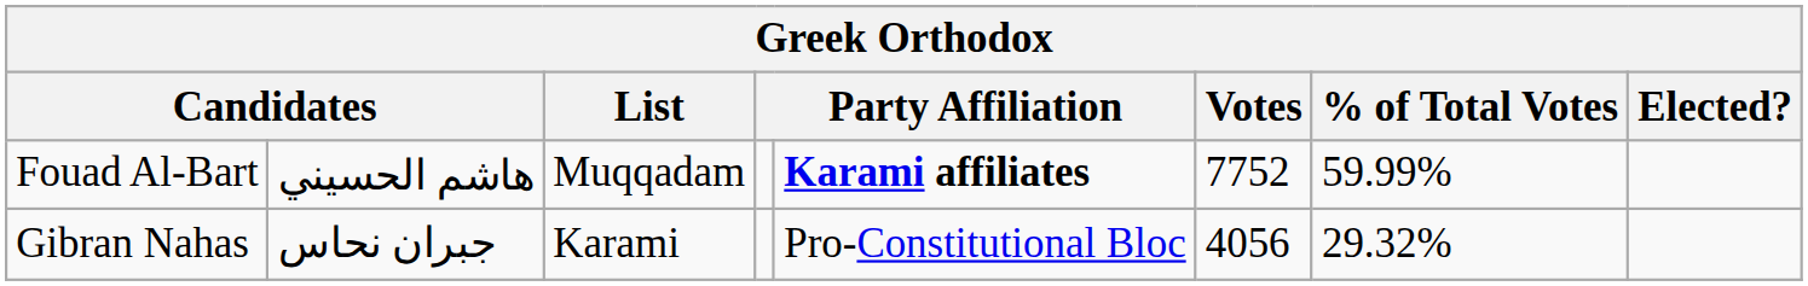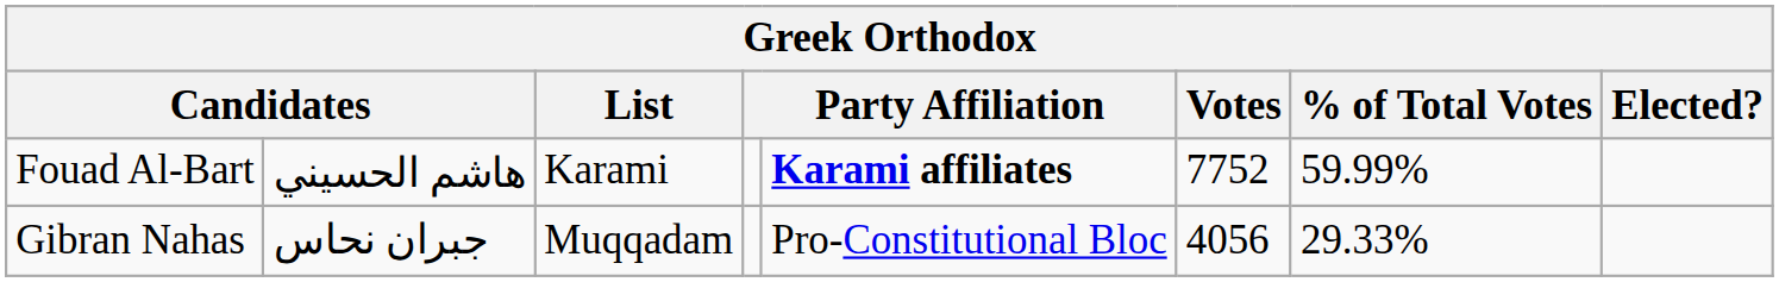 <table class="wikitable sortable">
 <tr>
 <th colspan="8">Greek Orthodox</th>
 </tr>
 <tr>
 <th colspan="2">Candidates</th>
 <th>List</th>
 <th colspan="2">Party Affiliation</th>
 <th>Votes</th>
 <th>% of Total Votes</th>
 <th>Elected?</th>
 </tr>
 <tr>
 <td>Fouad Al-Bart</td>
 <td>هاشم الحسيني</td>
-<td>Muqqadam</td>
+<td>Karami</td>
 <td style="background: "></td>
 <td><strong><a href='#'>Karami</a> affiliates</strong></td>
 <td>7752</td>
 <td>59.99%</td>
 <td></td>
 </tr>
 <tr>
 <td>Gibran Nahas</td>
 <td>جبران نحاس</td>
-<td>Karami</td>
+<td>Muqqadam</td>
 <td style="background: "></td>
 <td>Pro-<a href='#'>Constitutional Bloc</a></td>
 <td>4056</td>
-<td>29.32%</td>
+<td>29.33%</td>
 <td></td>
 </tr>
 </table>
